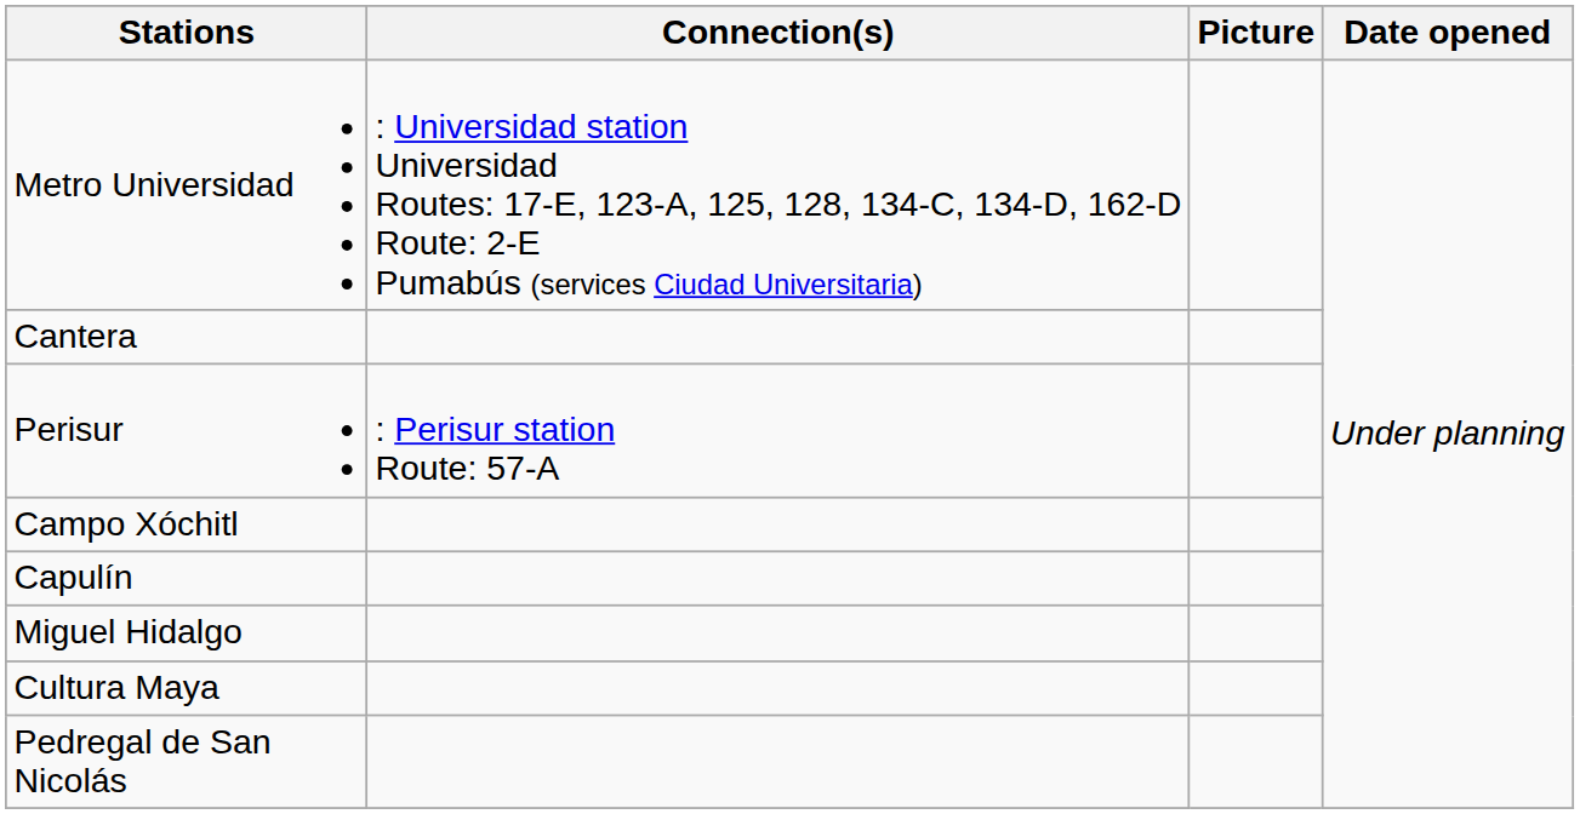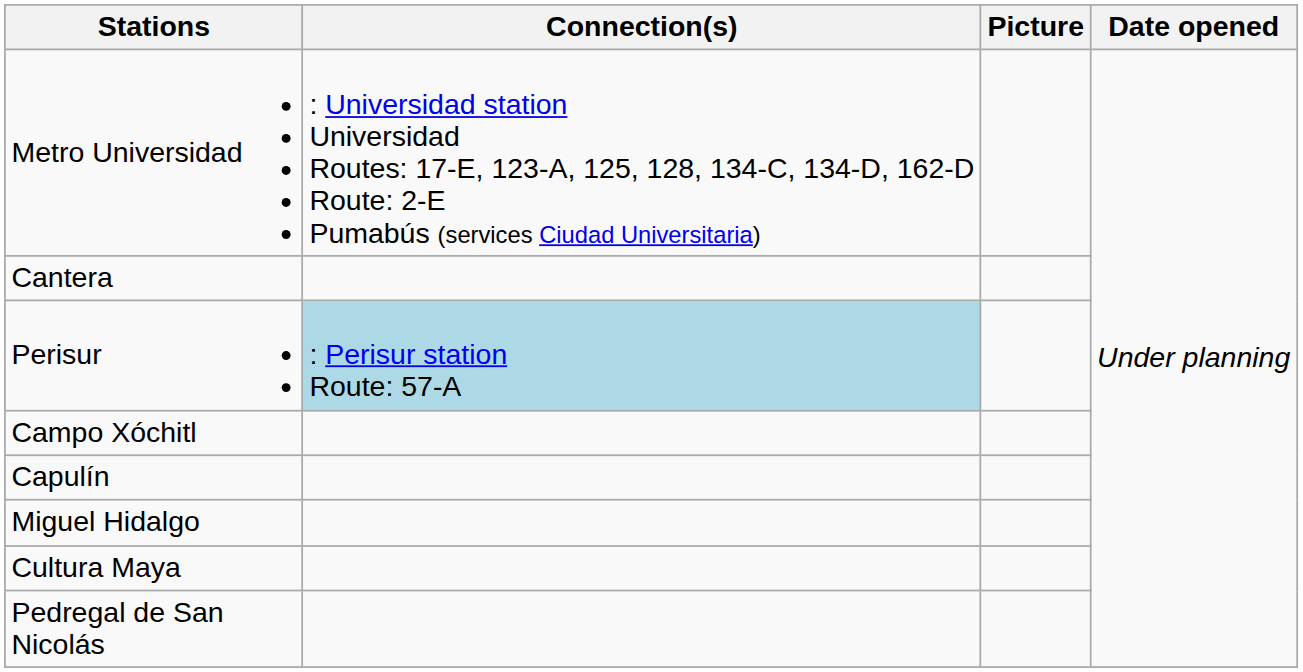 <table class="wikitable">
 <tr>
 <th width="160px">Stations</th>
 <th>Connection(s)</th>
 <th>Picture</th>
 <th>Date opened</th>
 </tr>
 <tr>
 <td> Metro Universidad</td>
 <td><br><li> : <a href='#'>Universidad station</a></li> <li> Universidad</li> <li> Routes: 17-E, 123-A, 125, 128, 134-C, 134-D, 162-D</li> <li> Route: 2-E</li> <li> Pumabús <small>(services <a href='#'>Ciudad Universitaria</a>)</small></li></td>
 <td></td>
 <td rowspan=8><em>Under planning</em></td>
 </tr>
 <tr>
 <td> Cantera</td>
 <td></td>
 <td></td>
 </tr>
 <tr>
 <td> Perisur</td>
-<td><br><li> : <a href='#'>Perisur station</a></li> <li> Route: 57-A</td>
+<td style="background: lightblue;"><br><li> : <a href='#'>Perisur station</a></li> <li> Route: 57-A</td>
 <td></td>
 </tr>
 <tr>
 <td> Campo Xóchitl</td>
 <td></td>
 <td></td>
 </tr>
 <tr>
 <td> Capulín</td>
 <td></td>
 <td></td>
 </tr>
 <tr>
 <td> Miguel Hidalgo</td>
 <td></td>
 <td></td>
 </tr>
 <tr>
 <td> Cultura Maya</td>
 <td></td>
 <td></td>
 </tr>
 <tr>
 <td> Pedregal de San Nicolás</td>
 <td></td>
 <td></td>
 </tr>
 </table>
